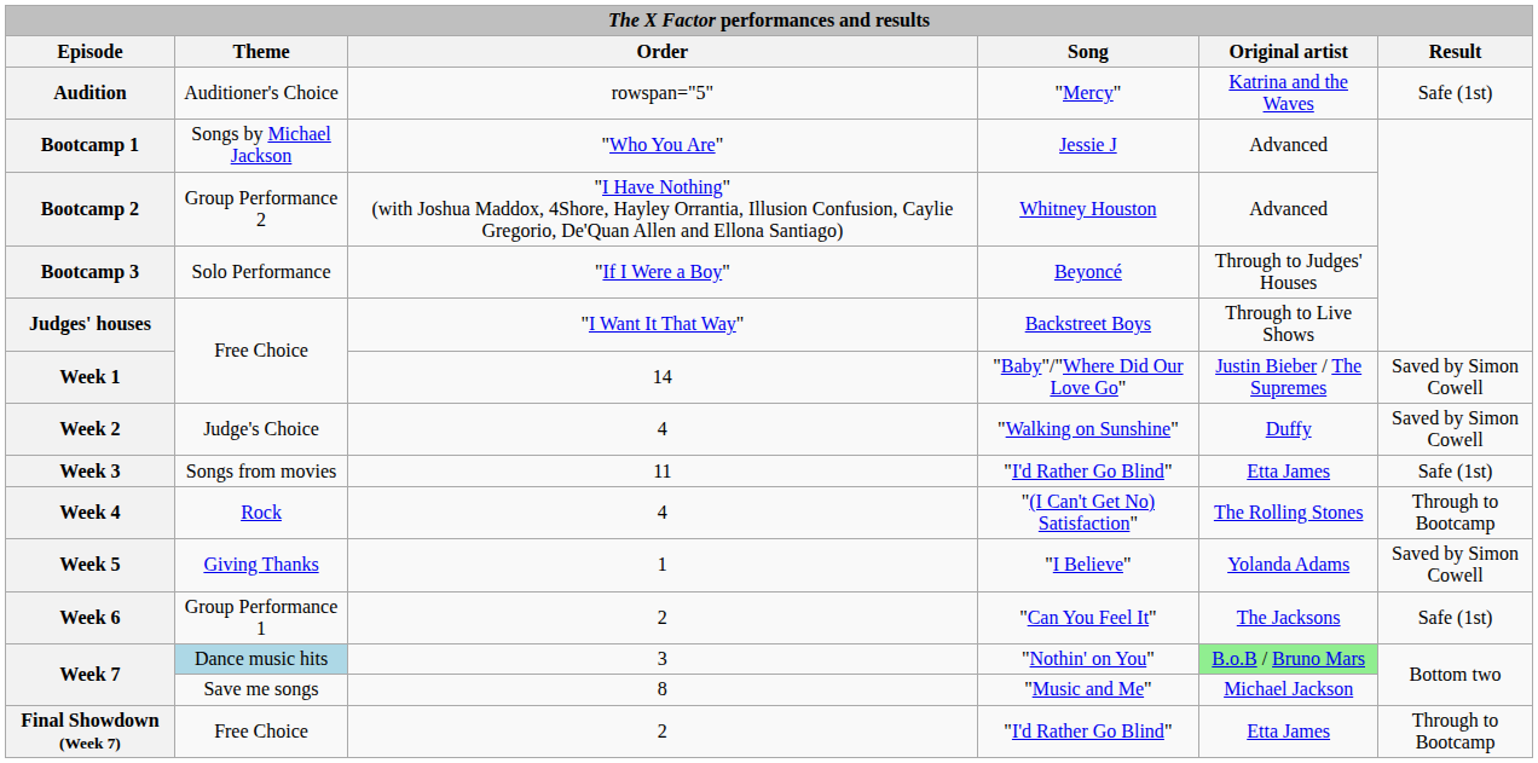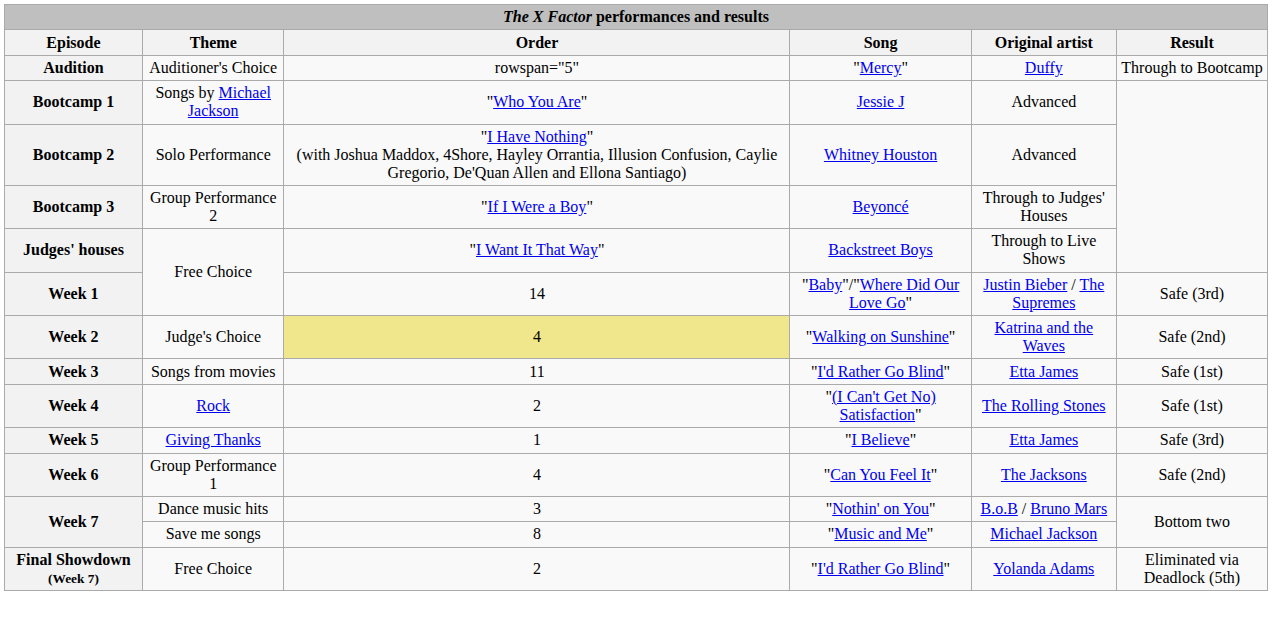 <table class="wikitable collapsible collapsed" style="width:100%; margin:1em auto 1em auto; text-align:center;">
 <tr>
 <th colspan="9" style="background:#BFBFBF;"><em>The X Factor</em> performances and results</th>
 </tr>
 <tr>
 </tr>
 <tr>
 <th scope="col">Episode</th>
 <th scope="col">Theme</th>
 <th scope="col">Order</th>
 <th scope="col">Song</th>
 <th scope="col">Original artist</th>
 <th scope="col">Result</th>
 </tr>
 <tr>
 <th scope="row">Audition</th>
 <td>Auditioner's Choice</td>
 <td>rowspan="5" </td>
 <td>"<a href='#'>Mercy</a>"</td>
-<td><a href='#'>Katrina and the Waves</a></td>
-<td>Safe (1st)</td>
+<td><a href='#'>Duffy</a></td>
+<td>Through to Bootcamp</td>
 </tr>
 <tr>
 <th scope="row">Bootcamp 1</th>
 <td>Songs by <a href='#'>Michael Jackson</a></td>
 <td>"<a href='#'>Who You Are</a>"</td>
 <td><a href='#'>Jessie J</a></td>
 <td>Advanced</td>
 </tr>
 <tr>
 <th scope="row">Bootcamp 2</th>
-<td>Group Performance 2</td>
+<td>Solo Performance</td>
 <td>"<a href='#'>I Have Nothing</a>" <br><span>(with Joshua Maddox, 4Shore, Hayley Orrantia, Illusion Confusion, Caylie Gregorio, De'Quan Allen and Ellona Santiago)</span></td>
 <td><a href='#'>Whitney Houston</a></td>
 <td>Advanced</td>
 </tr>
 <tr>
 <th scope="row">Bootcamp 3</th>
-<td>Solo Performance</td>
+<td>Group Performance 2</td>
 <td>"<a href='#'>If I Were a Boy</a>"</td>
 <td><a href='#'>Beyoncé</a></td>
 <td>Through to Judges' Houses</td>
 </tr>
 <tr>
 <th scope="row">Judges' houses</th>
 <td rowspan="2">Free Choice</td>
 <td>"<a href='#'>I Want It That Way</a>"</td>
 <td><a href='#'>Backstreet Boys</a></td>
 <td>Through to Live Shows</td>
 </tr>
 <tr>
 <th scope="row">Week 1</th>
 <td>14</td>
 <td>"<a href='#'>Baby</a>"/"<a href='#'>Where Did Our Love Go</a>"</td>
 <td><a href='#'>Justin Bieber</a> / <a href='#'>The Supremes</a></td>
-<td>Saved by Simon Cowell</td>
+<td>Safe (3rd)</td>
 </tr>
 <tr>
 <th scope="row">Week 2</th>
 <td>Judge's Choice</td>
-<td>4</td>
+<td style="background: khaki;">4</td>
 <td>"<a href='#'>Walking on Sunshine</a>"</td>
-<td><a href='#'>Duffy</a></td>
-<td>Saved by Simon Cowell</td>
+<td><a href='#'>Katrina and the Waves</a></td>
+<td>Safe (2nd)</td>
 </tr>
 <tr>
 <th scope="row">Week 3</th>
 <td>Songs from movies</td>
 <td>11</td>
 <td>"<a href='#'>I'd Rather Go Blind</a>"</td>
 <td><a href='#'>Etta James</a></td>
 <td>Safe (1st)</td>
 </tr>
 <tr>
 <th scope="row">Week 4</th>
 <td><a href='#'>Rock</a></td>
-<td>4</td>
+<td>2</td>
 <td>"<a href='#'>(I Can't Get No) Satisfaction</a>"</td>
 <td><a href='#'>The Rolling Stones</a></td>
-<td>Through to Bootcamp</td>
+<td>Safe (1st)</td>
 </tr>
 <tr>
 <th scope="row">Week 5</th>
 <td><a href='#'>Giving Thanks</a></td>
 <td>1</td>
 <td>"<a href='#'>I Believe</a>"</td>
-<td><a href='#'>Yolanda Adams</a></td>
-<td>Saved by Simon Cowell</td>
+<td><a href='#'>Etta James</a></td>
+<td>Safe (3rd)</td>
 </tr>
 <tr>
 <th scope="row">Week 6</th>
 <td>Group Performance 1</td>
-<td>2</td>
+<td>4</td>
 <td>"<a href='#'>Can You Feel It</a>"</td>
 <td><a href='#'>The Jacksons</a></td>
-<td>Safe (1st)</td>
+<td>Safe (2nd)</td>
 </tr>
 <tr>
 <th rowspan="2" scope="row">Week 7</th>
-<td style="background: lightblue;">Dance music hits</td>
+<td>Dance music hits</td>
 <td>3</td>
 <td>"<a href='#'>Nothin' on You</a>"</td>
-<td style="background: lightgreen;"><a href='#'>B.o.B</a> / <a href='#'>Bruno Mars</a></td>
+<td><a href='#'>B.o.B</a> / <a href='#'>Bruno Mars</a></td>
 <td rowspan="2">Bottom two</td>
 </tr>
 <tr>
 <td>Save me songs</td>
 <td>8</td>
 <td>"<a href='#'>Music and Me</a>"</td>
 <td><a href='#'>Michael Jackson</a></td>
 </tr>
 <tr>
 <th>Final Showdown <small> (Week 7) </small></th>
 <td>Free Choice</td>
 <td>2</td>
 <td>"<a href='#'>I'd Rather Go Blind</a>"</td>
-<td><a href='#'>Etta James</a></td>
-<td>Through to Bootcamp</td>
+<td><a href='#'>Yolanda Adams</a></td>
+<td>Eliminated via Deadlock (5th)</td>
 </tr>
 </table>
